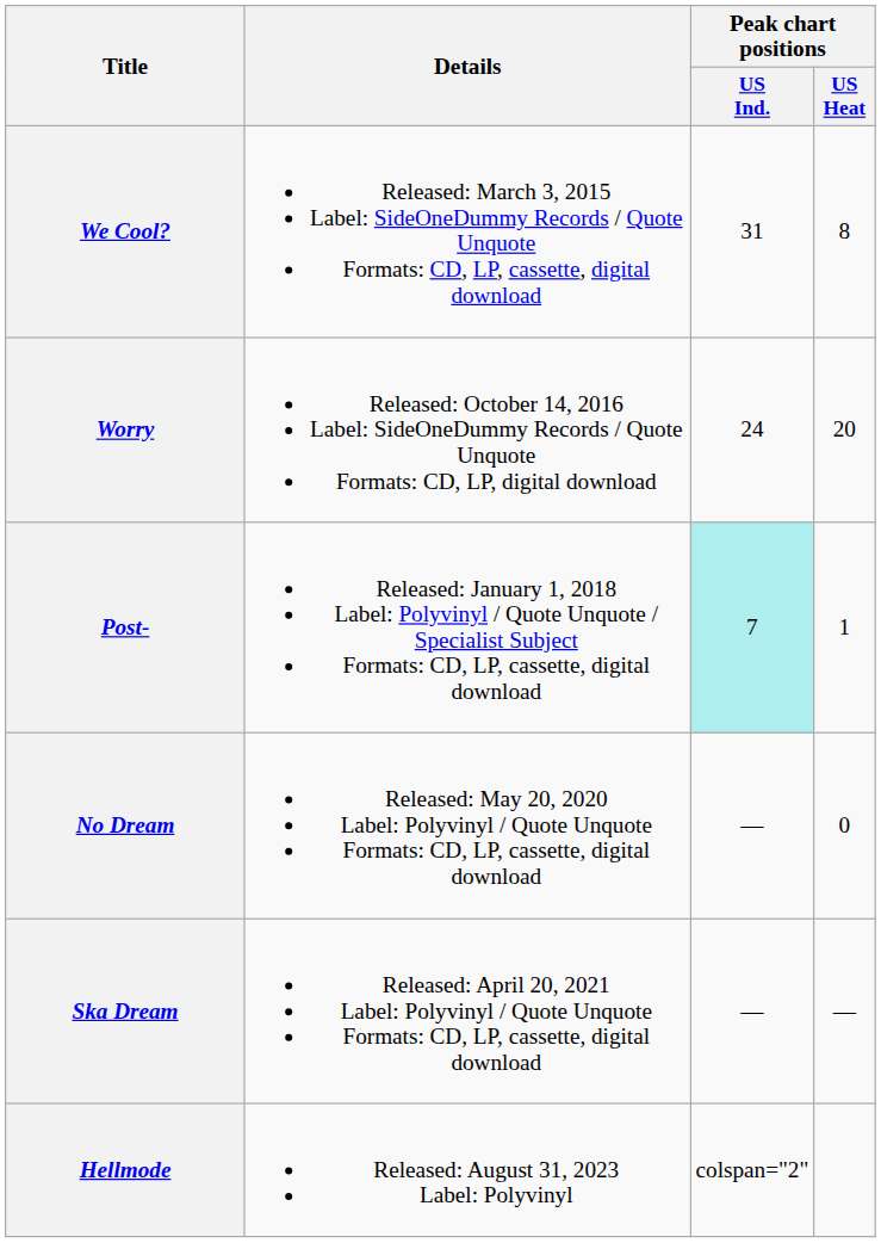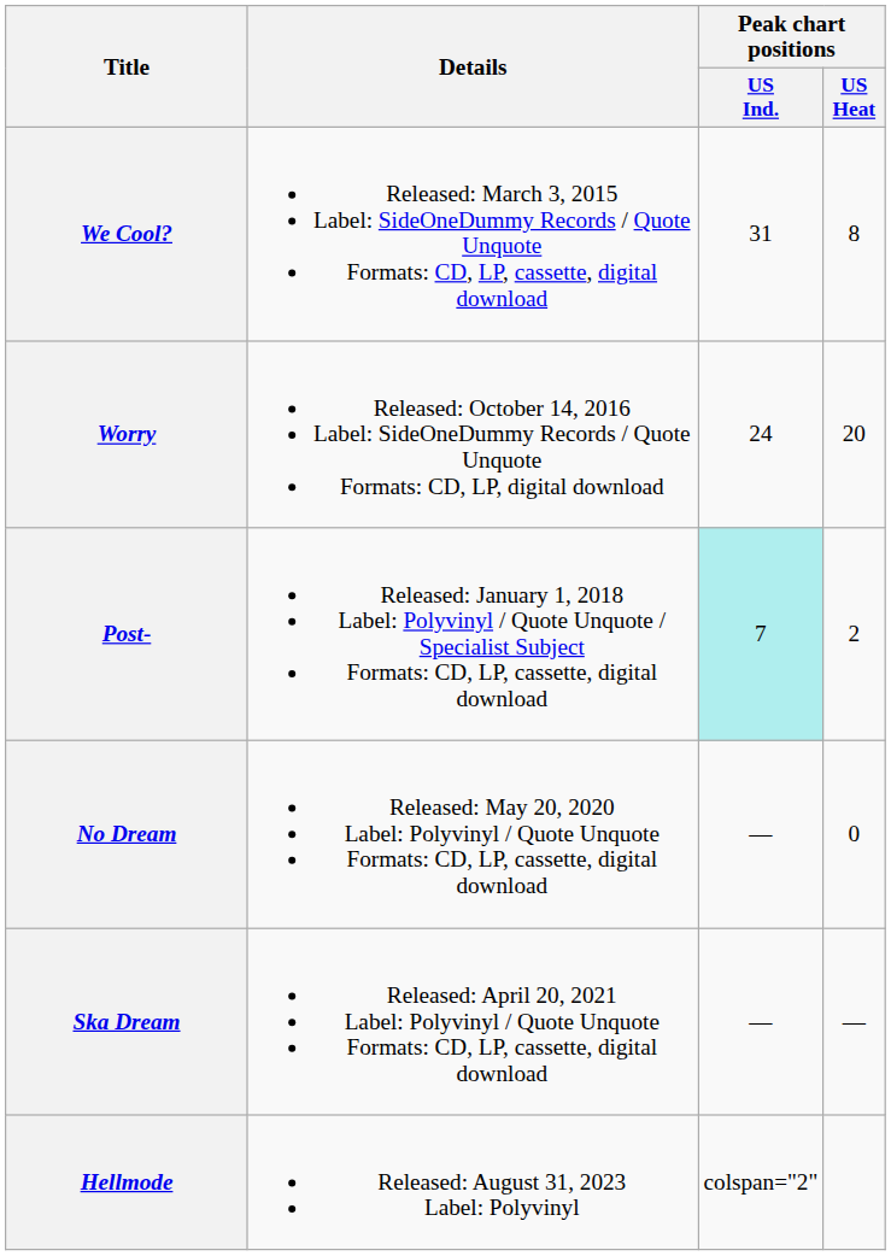 <table class="wikitable plainrowheaders" style="text-align:center;">
 <tr>
 <th scope="col" rowspan="2" style="width:10em;">Title</th>
 <th scope="col" rowspan="2" style="width:19em;">Details</th>
 <th scope="col" colspan="2">Peak chart positions</th>
 </tr>
 <tr>
 <th scope="col" style="width:2.5em;font-size:90%;"><a href='#'>US<br>Ind.</a><br></th>
 <th scope="col" style="width:2.5em;font-size:90%;"><a href='#'>US<br>Heat</a><br></th>
 </tr>
 <tr>
 <th scope="row"><em><a href='#'>We Cool?</a></em></th>
 <td><br><ul><li>Released: March 3, 2015</li><li>Label: <a href='#'>SideOneDummy Records</a> / <a href='#'>Quote Unquote</a></li><li>Formats: <a href='#'>CD</a>, <a href='#'>LP</a>, <a href='#'>cassette</a>, <a href='#'>digital download</a></li></ul></td>
 <td>31</td>
 <td>8</td>
 </tr>
 <tr>
 <th scope="row"><em><a href='#'>Worry</a></em></th>
 <td><br><ul><li>Released: October 14, 2016</li><li>Label: SideOneDummy Records / Quote Unquote</li><li>Formats: CD, LP, digital download</li></ul></td>
 <td>24</td>
 <td>20</td>
 </tr>
 <tr>
 <th scope="row"><em><a href='#'>Post-</a></em></th>
 <td><br><ul><li>Released: January 1, 2018</li><li>Label: <a href='#'>Polyvinyl</a> / Quote Unquote / <a href='#'>Specialist Subject</a></li><li>Formats: CD, LP, cassette, digital download</li></ul></td>
 <td style="background: paleturquoise;">7</td>
-<td>1</td>
+<td>2</td>
 </tr>
 <tr>
 <th scope="row"><em><a href='#'>No Dream</a></em></th>
 <td><br><ul><li>Released: May 20, 2020</li><li>Label: Polyvinyl / Quote Unquote</li><li>Formats: CD, LP, cassette, digital download</li></ul></td>
 <td>—</td>
 <td>0</td>
 </tr>
 <tr>
 <th scope="row"><em><a href='#'>Ska Dream</a></em></th>
 <td><br><ul><li>Released: April 20, 2021</li><li>Label: Polyvinyl / Quote Unquote</li><li>Formats: CD, LP, cassette, digital download</li></ul></td>
 <td>—</td>
 <td>—</td>
 </tr>
 <tr>
 <th scope="row"><em><a href='#'>Hellmode</a></em></th>
 <td><br><ul><li>Released: August 31, 2023</li><li>Label: Polyvinyl</li></ul></td>
 <td>colspan="2" </td>
 </tr>
 </table>
